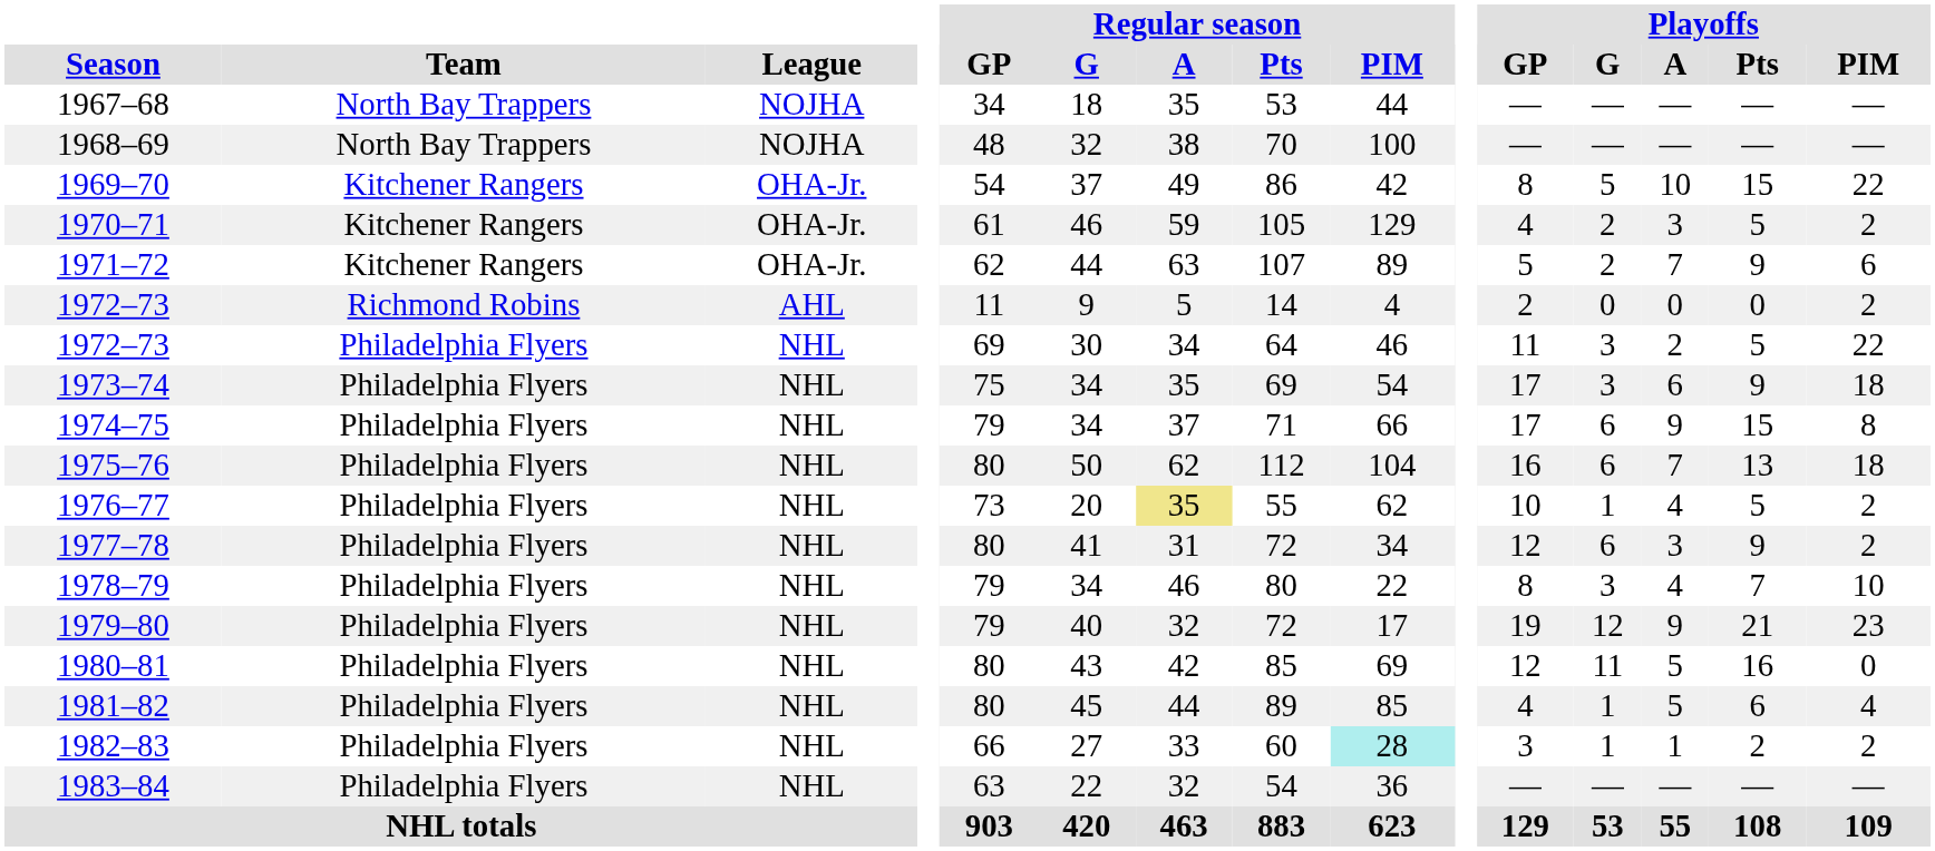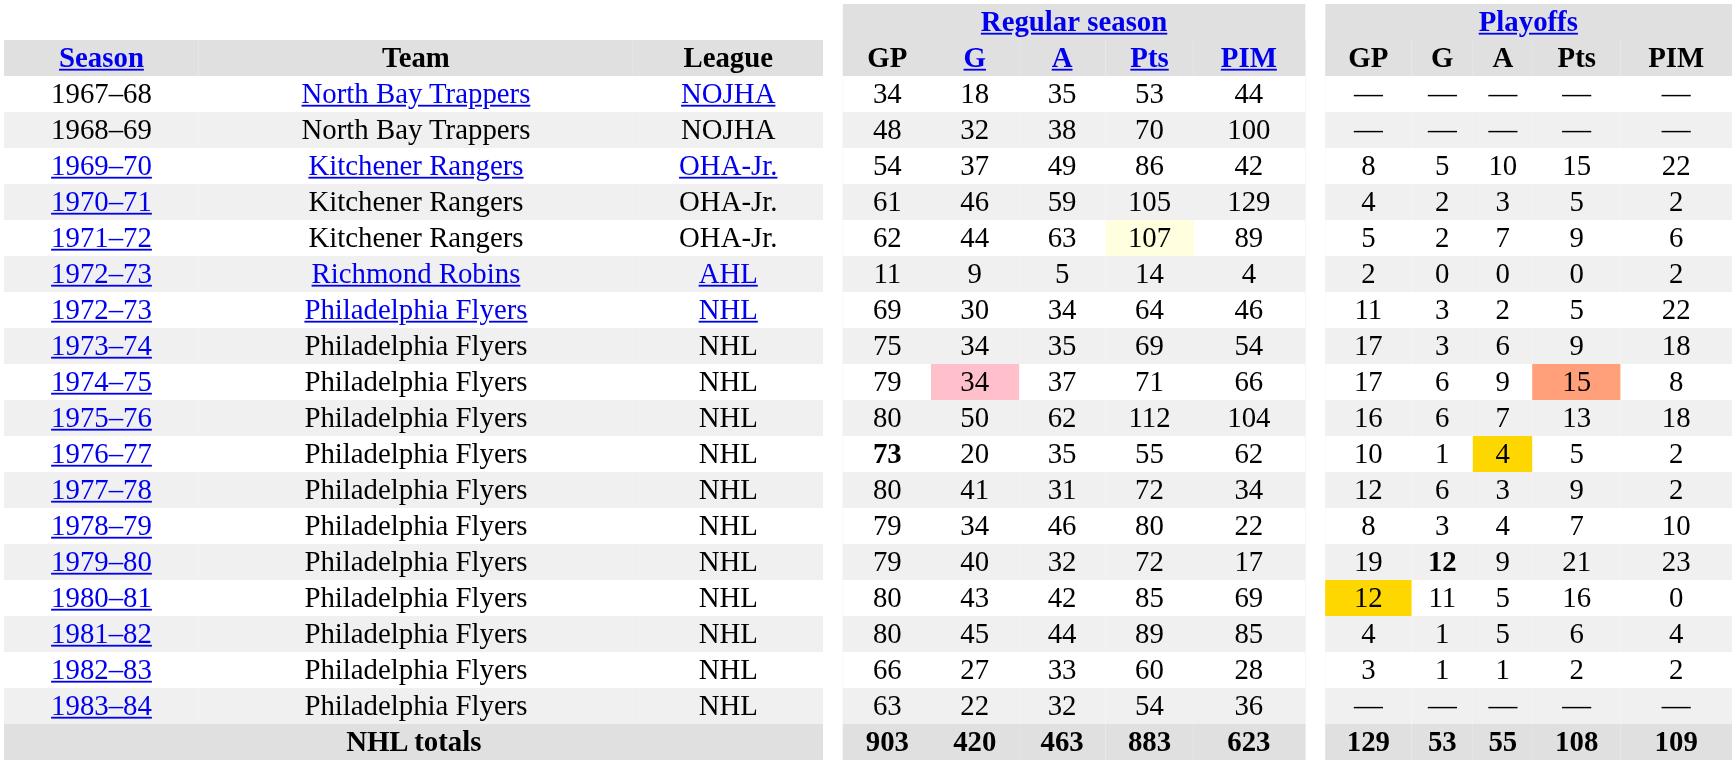 <table border="0" cellpadding="1" cellspacing="0" style="text-align:center; width:60em">
 <tr bgcolor="#e0e0e0">
 <th colspan="3" bgcolor="#ffffff"> </th>
 <th rowspan="99" bgcolor="#ffffff"> </th>
 <th colspan="5"><a href='#'>Regular season</a></th>
 <th rowspan="99" bgcolor="#ffffff"> </th>
 <th colspan="5"><a href='#'>Playoffs</a></th>
 </tr>
 <tr bgcolor="#e0e0e0">
 <th><a href='#'>Season</a></th>
 <th>Team</th>
 <th>League</th>
 <th>GP</th>
 <th><a href='#'>G</a></th>
 <th><a href='#'>A</a></th>
 <th><a href='#'>Pts</a></th>
 <th><a href='#'>PIM</a></th>
 <th>GP</th>
 <th>G</th>
 <th>A</th>
 <th>Pts</th>
 <th>PIM</th>
 </tr>
 <tr>
 <td>1967–68</td>
 <td><a href='#'>North Bay Trappers</a></td>
 <td><a href='#'>NOJHA</a></td>
 <td>34</td>
 <td>18</td>
 <td>35</td>
 <td>53</td>
 <td>44</td>
 <td>—</td>
 <td>—</td>
 <td>—</td>
 <td>—</td>
 <td>—</td>
 </tr>
 <tr bgcolor="#f0f0f0">
 <td>1968–69</td>
 <td>North Bay Trappers</td>
 <td>NOJHA</td>
 <td>48</td>
 <td>32</td>
 <td>38</td>
 <td>70</td>
 <td>100</td>
 <td>—</td>
 <td>—</td>
 <td>—</td>
 <td>—</td>
 <td>—</td>
 </tr>
 <tr>
 <td><a href='#'>1969–70</a></td>
 <td><a href='#'>Kitchener Rangers</a></td>
 <td><a href='#'>OHA-Jr.</a></td>
 <td>54</td>
 <td>37</td>
 <td>49</td>
 <td>86</td>
 <td>42</td>
 <td>8</td>
 <td>5</td>
 <td>10</td>
 <td>15</td>
 <td>22</td>
 </tr>
 <tr bgcolor="#f0f0f0">
 <td><a href='#'>1970–71</a></td>
 <td>Kitchener Rangers</td>
 <td>OHA-Jr.</td>
 <td>61</td>
 <td>46</td>
 <td>59</td>
 <td>105</td>
 <td>129</td>
 <td>4</td>
 <td>2</td>
 <td>3</td>
 <td>5</td>
 <td>2</td>
 </tr>
 <tr>
 <td><a href='#'>1971–72</a></td>
 <td>Kitchener Rangers</td>
 <td>OHA-Jr.</td>
 <td>62</td>
 <td>44</td>
 <td>63</td>
-<td>107</td>
+<td style="background: lightyellow;">107</td>
 <td>89</td>
 <td>5</td>
 <td>2</td>
 <td>7</td>
 <td>9</td>
 <td>6</td>
 </tr>
 <tr bgcolor="#f0f0f0">
 <td><a href='#'>1972–73</a></td>
 <td><a href='#'>Richmond Robins</a></td>
 <td><a href='#'>AHL</a></td>
 <td>11</td>
 <td>9</td>
 <td>5</td>
 <td>14</td>
 <td>4</td>
 <td>2</td>
 <td>0</td>
 <td>0</td>
 <td>0</td>
 <td>2</td>
 </tr>
 <tr>
 <td><a href='#'>1972–73</a></td>
 <td><a href='#'>Philadelphia Flyers</a></td>
 <td><a href='#'>NHL</a></td>
 <td>69</td>
 <td>30</td>
 <td>34</td>
 <td>64</td>
 <td>46</td>
 <td>11</td>
 <td>3</td>
 <td>2</td>
 <td>5</td>
 <td>22</td>
 </tr>
 <tr bgcolor="#f0f0f0">
 <td><a href='#'>1973–74</a></td>
 <td>Philadelphia Flyers</td>
 <td>NHL</td>
 <td>75</td>
 <td>34</td>
 <td>35</td>
 <td>69</td>
 <td>54</td>
 <td>17</td>
 <td>3</td>
 <td>6</td>
 <td>9</td>
 <td>18</td>
 </tr>
 <tr>
 <td><a href='#'>1974–75</a></td>
 <td>Philadelphia Flyers</td>
 <td>NHL</td>
 <td>79</td>
-<td>34</td>
+<td style="background: pink;">34</td>
 <td>37</td>
 <td>71</td>
 <td>66</td>
 <td>17</td>
 <td>6</td>
 <td>9</td>
-<td>15</td>
+<td style="background: lightsalmon;">15</td>
 <td>8</td>
 </tr>
 <tr bgcolor="#f0f0f0">
 <td><a href='#'>1975–76</a></td>
 <td>Philadelphia Flyers</td>
 <td>NHL</td>
 <td>80</td>
 <td>50</td>
 <td>62</td>
 <td>112</td>
 <td>104</td>
 <td>16</td>
 <td>6</td>
 <td>7</td>
 <td>13</td>
 <td>18</td>
 </tr>
 <tr>
 <td><a href='#'>1976–77</a></td>
 <td>Philadelphia Flyers</td>
 <td>NHL</td>
-<td>73</td>
+<td><strong>73</strong></td>
 <td>20</td>
-<td style="background: khaki;">35</td>
+<td>35</td>
 <td>55</td>
 <td>62</td>
 <td>10</td>
 <td>1</td>
-<td>4</td>
+<td style="background: gold;">4</td>
 <td>5</td>
 <td>2</td>
 </tr>
 <tr bgcolor="#f0f0f0">
 <td><a href='#'>1977–78</a></td>
 <td>Philadelphia Flyers</td>
 <td>NHL</td>
 <td>80</td>
 <td>41</td>
 <td>31</td>
 <td>72</td>
 <td>34</td>
 <td>12</td>
 <td>6</td>
 <td>3</td>
 <td>9</td>
 <td>2</td>
 </tr>
 <tr>
 <td><a href='#'>1978–79</a></td>
 <td>Philadelphia Flyers</td>
 <td>NHL</td>
 <td>79</td>
 <td>34</td>
 <td>46</td>
 <td>80</td>
 <td>22</td>
 <td>8</td>
 <td>3</td>
 <td>4</td>
 <td>7</td>
 <td>10</td>
 </tr>
 <tr bgcolor="#f0f0f0">
 <td><a href='#'>1979–80</a></td>
 <td>Philadelphia Flyers</td>
 <td>NHL</td>
 <td>79</td>
 <td>40</td>
 <td>32</td>
 <td>72</td>
 <td>17</td>
 <td>19</td>
-<td>12</td>
+<td><strong>12</strong></td>
 <td>9</td>
 <td>21</td>
 <td>23</td>
 </tr>
 <tr>
 <td><a href='#'>1980–81</a></td>
 <td>Philadelphia Flyers</td>
 <td>NHL</td>
 <td>80</td>
 <td>43</td>
 <td>42</td>
 <td>85</td>
 <td>69</td>
-<td>12</td>
+<td style="background: gold;">12</td>
 <td>11</td>
 <td>5</td>
 <td>16</td>
 <td>0</td>
 </tr>
 <tr bgcolor="#f0f0f0">
 <td><a href='#'>1981–82</a></td>
 <td>Philadelphia Flyers</td>
 <td>NHL</td>
 <td>80</td>
 <td>45</td>
 <td>44</td>
 <td>89</td>
 <td>85</td>
 <td>4</td>
 <td>1</td>
 <td>5</td>
 <td>6</td>
 <td>4</td>
 </tr>
 <tr>
 <td><a href='#'>1982–83</a></td>
 <td>Philadelphia Flyers</td>
 <td>NHL</td>
 <td>66</td>
 <td>27</td>
 <td>33</td>
 <td>60</td>
-<td style="background: paleturquoise;">28</td>
+<td>28</td>
 <td>3</td>
 <td>1</td>
 <td>1</td>
 <td>2</td>
 <td>2</td>
 </tr>
 <tr bgcolor="#f0f0f0">
 <td><a href='#'>1983–84</a></td>
 <td>Philadelphia Flyers</td>
 <td>NHL</td>
 <td>63</td>
 <td>22</td>
 <td>32</td>
 <td>54</td>
 <td>36</td>
 <td>—</td>
 <td>—</td>
 <td>—</td>
 <td>—</td>
 <td>—</td>
 </tr>
 <tr bgcolor="#e0e0e0">
 <th colspan="3">NHL totals</th>
 <th>903</th>
 <th>420</th>
 <th>463</th>
 <th>883</th>
 <th>623</th>
 <th>129</th>
 <th>53</th>
 <th>55</th>
 <th>108</th>
 <th>109</th>
 </tr>
 </table>
